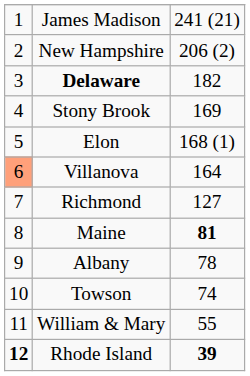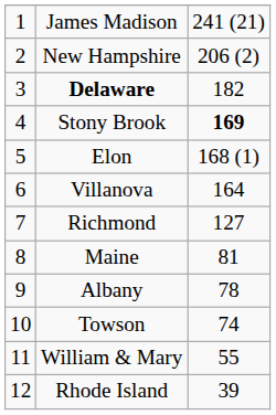 <table class="wikitable">
 <tr style="text-align:center;">
 </tr>
 <tr style="text-align:center;">
 <td>1</td>
 <td>James Madison</td>
 <td>241 (21)</td>
 </tr>
 <tr style="text-align:center;">
 <td>2</td>
 <td>New Hampshire</td>
 <td>206 (2)</td>
 </tr>
 <tr style="text-align:center;">
 <td>3</td>
 <td><strong>Delaware</strong></td>
 <td>182</td>
 </tr>
 <tr style="text-align:center;">
 <td>4</td>
 <td>Stony Brook</td>
-<td>169</td>
+<td><strong>169</strong></td>
 </tr>
 <tr style="text-align:center;">
 <td>5</td>
 <td>Elon</td>
 <td>168 (1)</td>
 </tr>
 <tr style="text-align:center;">
-<td style="background: lightsalmon;">6</td>
+<td>6</td>
 <td>Villanova</td>
 <td>164</td>
 </tr>
 <tr style="text-align:center;">
 <td>7</td>
 <td>Richmond</td>
 <td>127</td>
 </tr>
 <tr style="text-align:center;">
 <td>8</td>
 <td>Maine</td>
-<td><strong>81</strong></td>
+<td>81</td>
 </tr>
 <tr style="text-align:center;">
 <td>9</td>
 <td>Albany</td>
 <td>78</td>
 </tr>
 <tr style="text-align:center;">
 <td>10</td>
 <td>Towson</td>
 <td>74</td>
 </tr>
 <tr style="text-align:center;">
 <td>11</td>
 <td>William & Mary</td>
 <td>55</td>
 </tr>
 <tr style="text-align:center;">
-<td><strong>12</strong></td>
+<td>12</td>
 <td>Rhode Island</td>
-<td><strong>39</strong></td>
+<td>39</td>
 </tr>
 </table>
